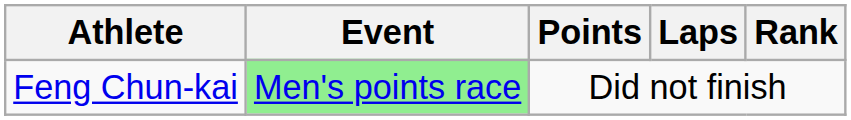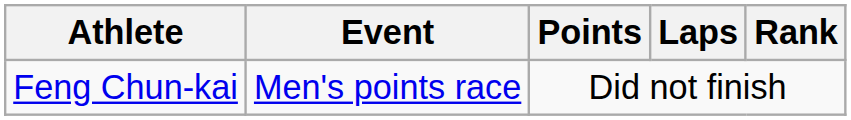 <table class=wikitable style="font-size:90%">
 <tr>
 <th>Athlete</th>
 <th>Event</th>
 <th>Points</th>
 <th>Laps</th>
 <th>Rank</th>
 </tr>
 <tr align=center>
 <td align=left><a href='#'>Feng Chun-kai</a></td>
-<td align=left style="background: lightgreen;"><a href='#'>Men's points race</a></td>
+<td align=left><a href='#'>Men's points race</a></td>
 <td colspan=3>Did not finish</td>
 </tr>
 </table>
